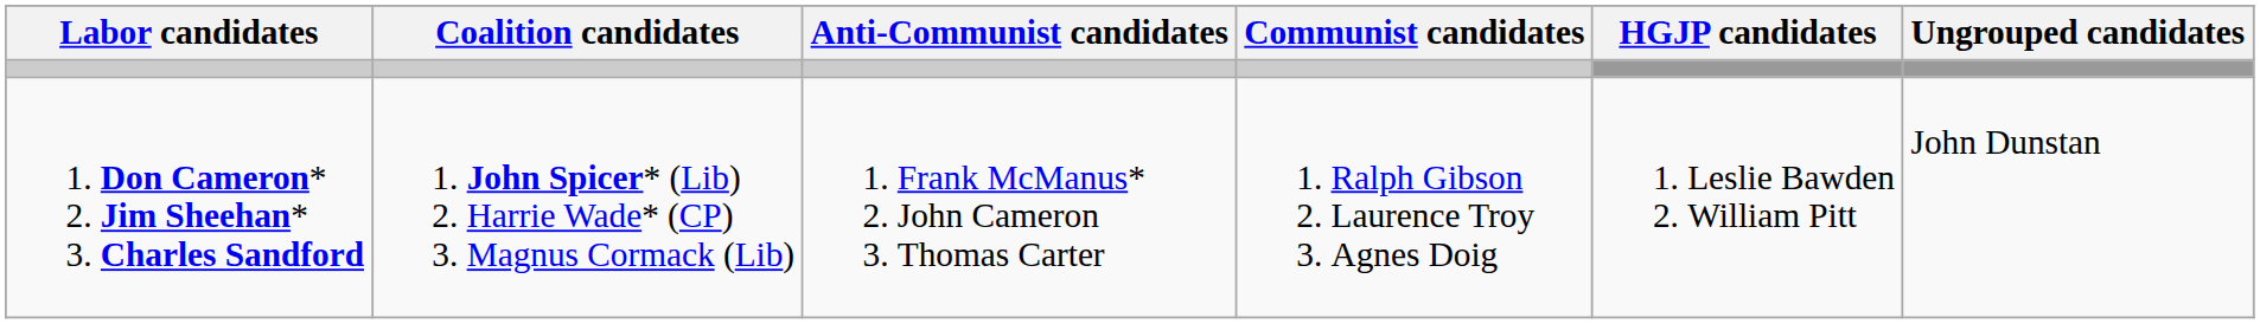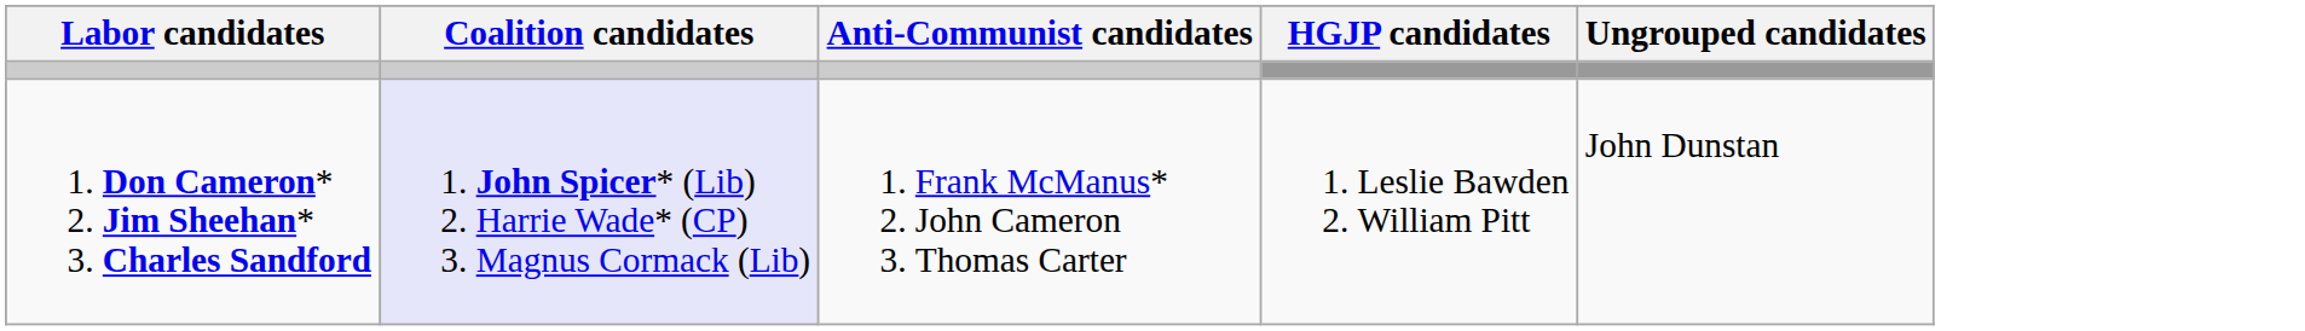 <table class="wikitable">
 <tr>
 <th><a href='#'>Labor</a> candidates</th>
 <th><a href='#'>Coalition</a> candidates</th>
 <th><a href='#'>Anti-Communist</a> candidates</th>
-<th><a href='#'>Communist</a> candidates</th>
 <th><a href='#'>HGJP</a> candidates</th>
 <th>Ungrouped candidates</th>
 </tr>
 <tr bgcolor="#cccccc">
-<td></td>
 <td></td>
 <td></td>
 <td></td>
 <td bgcolor="#999999"></td>
 <td bgcolor="#999999"></td>
 </tr>
 <tr>
 <td><br><ol><li><strong><a href='#'>Don Cameron</a></strong>*</li><li><strong><a href='#'>Jim Sheehan</a></strong>*</li><li><strong><a href='#'>Charles Sandford</a></strong></li></ol></td>
-<td><br><ol><li><strong><a href='#'>John Spicer</a></strong>* (<a href='#'>Lib</a>)</li><li><a href='#'>Harrie Wade</a>* (<a href='#'>CP</a>)</li><li><a href='#'>Magnus Cormack</a> (<a href='#'>Lib</a>)</li></ol></td>
+<td style="background: lavender;"><br><ol><li><strong><a href='#'>John Spicer</a></strong>* (<a href='#'>Lib</a>)</li><li><a href='#'>Harrie Wade</a>* (<a href='#'>CP</a>)</li><li><a href='#'>Magnus Cormack</a> (<a href='#'>Lib</a>)</li></ol></td>
 <td><br><ol><li><a href='#'>Frank McManus</a>*</li><li>John Cameron</li><li>Thomas Carter</li></ol></td>
-<td valign=top><br><ol><li><a href='#'>Ralph Gibson</a></li><li>Laurence Troy</li><li>Agnes Doig</li></ol></td>
 <td valign=top><br><ol><li>Leslie Bawden</li><li>William Pitt</li></ol></td>
 <td valign=top><br>John Dunstan</td>
 </tr>
 </table>
